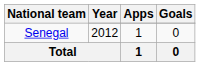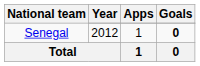 <table class=wikitable style="text-align: center;font-size=95%">
 <tr>
 <th>National team</th>
 <th>Year</th>
 <th>Apps</th>
 <th>Goals</th>
 </tr>
 <tr>
 <td rowspan=2><a href='#'>Senegal</a></td>
 </tr>
 <tr>
 <td>2012</td>
 <td>1</td>
-<td>0</td>
+<td><strong>0</strong></td>
 </tr>
 <tr>
 <th colspan=2>Total</th>
 <th>1</th>
 <th>0</th>
 </tr>
 </table>
